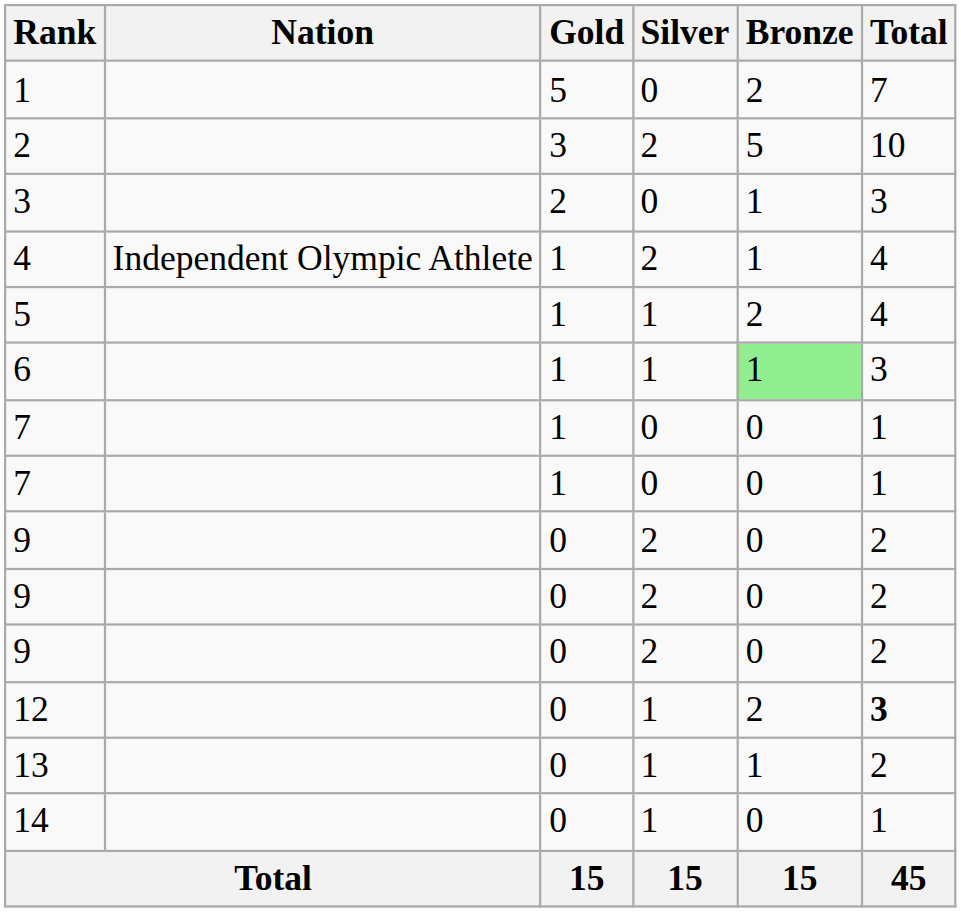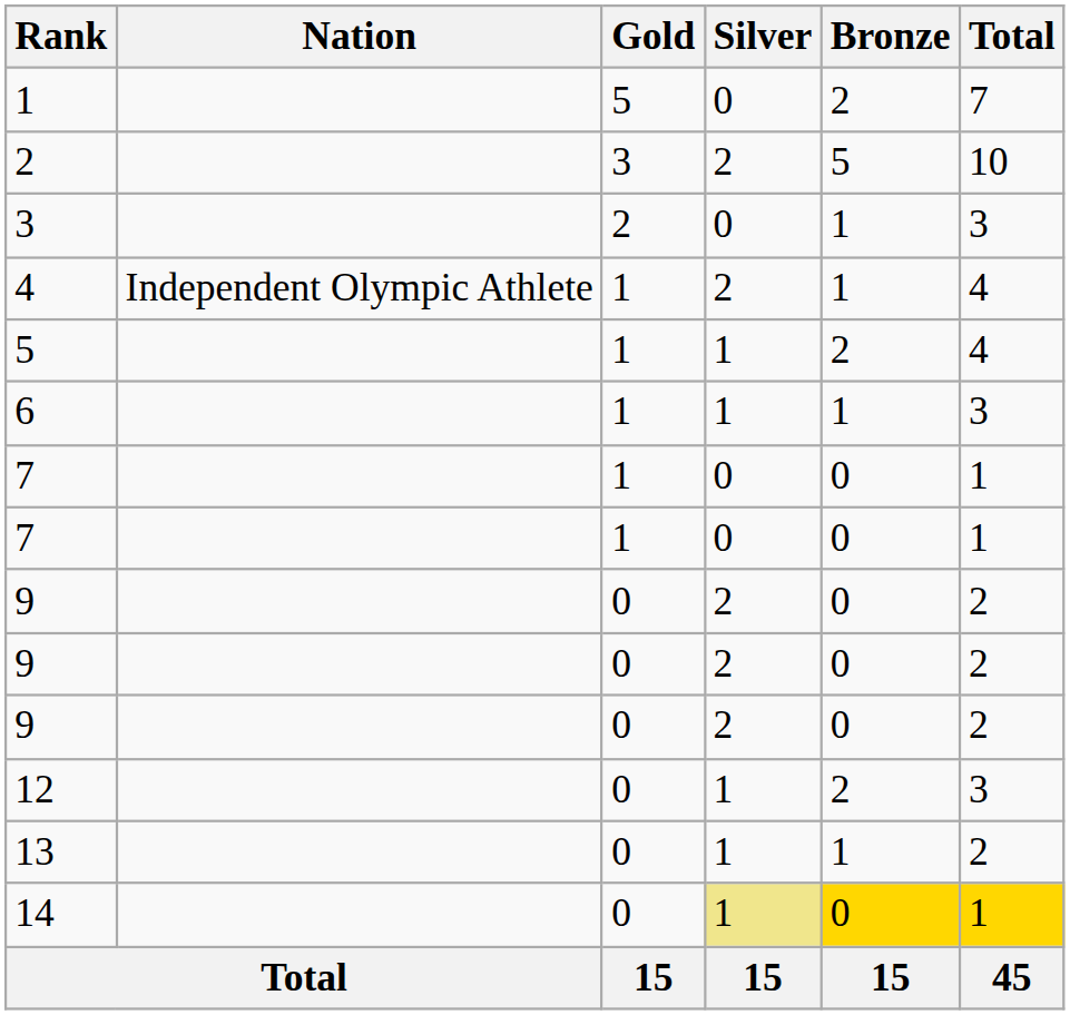 <table class="wikitable">
 <tr>
 <th>Rank</th>
 <th>Nation</th>
 <th>Gold</th>
 <th>Silver</th>
 <th>Bronze</th>
 <th>Total</th>
 </tr>
 <tr>
 <td>1</td>
 <td></td>
 <td>5</td>
 <td>0</td>
 <td>2</td>
 <td>7</td>
 </tr>
 <tr>
 <td>2</td>
 <td></td>
 <td>3</td>
 <td>2</td>
 <td>5</td>
 <td>10</td>
 </tr>
 <tr>
 <td>3</td>
 <td></td>
 <td>2</td>
 <td>0</td>
 <td>1</td>
 <td>3</td>
 </tr>
 <tr>
 <td>4</td>
 <td> Independent Olympic Athlete</td>
 <td>1</td>
 <td>2</td>
 <td>1</td>
 <td>4</td>
 </tr>
 <tr>
 <td>5</td>
 <td></td>
 <td>1</td>
 <td>1</td>
 <td>2</td>
 <td>4</td>
 </tr>
 <tr>
 <td>6</td>
 <td></td>
 <td>1</td>
 <td>1</td>
-<td style="background: lightgreen;">1</td>
+<td>1</td>
 <td>3</td>
 </tr>
 <tr>
 <td>7</td>
 <td></td>
 <td>1</td>
 <td>0</td>
 <td>0</td>
 <td>1</td>
 </tr>
 <tr>
 <td>7</td>
 <td></td>
 <td>1</td>
 <td>0</td>
 <td>0</td>
 <td>1</td>
 </tr>
 <tr>
 <td>9</td>
 <td></td>
 <td>0</td>
 <td>2</td>
 <td>0</td>
 <td>2</td>
 </tr>
 <tr>
 <td>9</td>
 <td></td>
 <td>0</td>
 <td>2</td>
 <td>0</td>
 <td>2</td>
 </tr>
 <tr>
 <td>9</td>
 <td></td>
 <td>0</td>
 <td>2</td>
 <td>0</td>
 <td>2</td>
 </tr>
 <tr>
 <td>12</td>
 <td></td>
 <td>0</td>
 <td>1</td>
 <td>2</td>
-<td><strong>3</strong></td>
+<td>3</td>
 </tr>
 <tr>
 <td>13</td>
 <td></td>
 <td>0</td>
 <td>1</td>
 <td>1</td>
 <td>2</td>
 </tr>
 <tr>
 <td>14</td>
 <td></td>
 <td>0</td>
-<td>1</td>
-<td>0</td>
-<td>1</td>
+<td style="background: khaki;">1</td>
+<td style="background: gold;">0</td>
+<td style="background: gold;">1</td>
 </tr>
 <tr>
 <th colspan="2">Total</th>
 <th>15</th>
 <th>15</th>
 <th>15</th>
 <th>45</th>
 </tr>
 </table>
